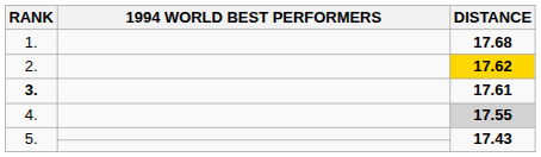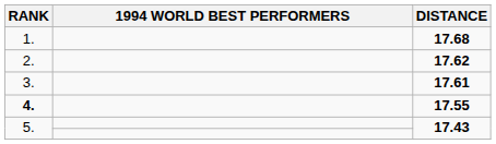 <table class=wikitable>
 <tr>
 <th>RANK</th>
 <th align="center" style="width: 25em">1994 WORLD BEST PERFORMERS</th>
 <th align="center" style="width: 5em">DISTANCE</th>
 </tr>
 <tr>
 <td align="center">1.</td>
 <td></td>
 <td align="center"><strong>17.68</strong></td>
 </tr>
 <tr>
 <td align="center">2.</td>
 <td></td>
-<td align="center" style="background: gold;"><strong>17.62</strong></td>
+<td align="center"><strong>17.62</strong></td>
 </tr>
 <tr>
-<td align="center"><strong>3.</strong></td>
+<td align="center">3.</td>
 <td></td>
 <td align="center"><strong>17.61</strong></td>
 </tr>
 <tr>
-<td align="center">4.</td>
+<td align="center"><strong>4.</strong></td>
 <td></td>
-<td align="center" style="background: lightgrey;"><strong>17.55</strong></td>
+<td align="center"><strong>17.55</strong></td>
 </tr>
 <tr>
 <td rowspan=2 align="center">5.</td>
 <td></td>
 <td rowspan=2 align="center"><strong>17.43</strong></td>
 </tr>
 <tr>
 <td></td>
 </tr>
 </table>
